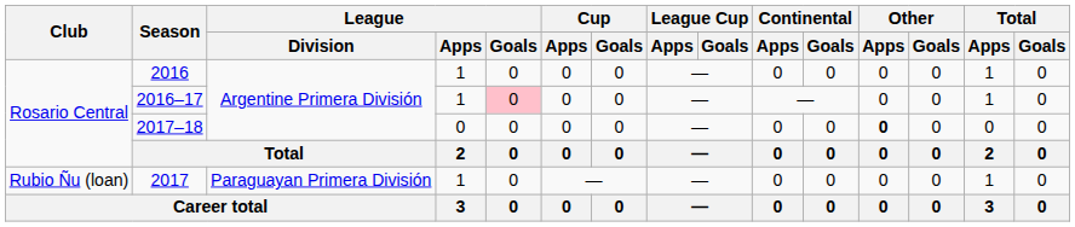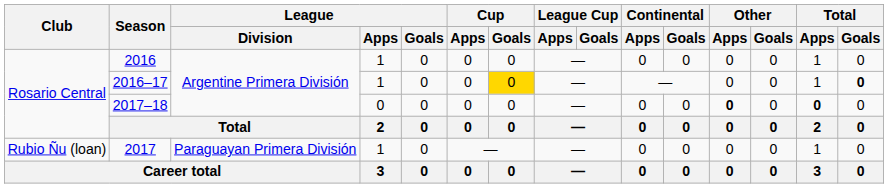 <table class="wikitable" style="text-align:center">
 <tr>
 <th rowspan="2">Club</th>
 <th rowspan="2">Season</th>
 <th colspan="3">League</th>
 <th colspan="2">Cup</th>
 <th colspan="2">League Cup</th>
 <th colspan="2">Continental</th>
 <th colspan="2">Other</th>
 <th colspan="2">Total</th>
 </tr>
 <tr>
 <th>Division</th>
 <th>Apps</th>
 <th>Goals</th>
 <th>Apps</th>
 <th>Goals</th>
 <th>Apps</th>
 <th>Goals</th>
 <th>Apps</th>
 <th>Goals</th>
 <th>Apps</th>
 <th>Goals</th>
 <th>Apps</th>
 <th>Goals</th>
 </tr>
 <tr>
 <td rowspan="4"><a href='#'>Rosario Central</a></td>
 <td><a href='#'>2016</a></td>
 <td rowspan="3"><a href='#'>Argentine Primera División</a></td>
 <td>1</td>
 <td>0</td>
 <td>0</td>
 <td>0</td>
 <td colspan="2">—</td>
 <td>0</td>
 <td>0</td>
 <td>0</td>
 <td>0</td>
 <td>1</td>
 <td>0</td>
 </tr>
 <tr>
 <td><a href='#'>2016–17</a></td>
 <td>1</td>
-<td style="background: pink;">0</td>
 <td>0</td>
 <td>0</td>
+<td style="background: gold;">0</td>
 <td colspan="2">—</td>
 <td colspan="2">—</td>
 <td>0</td>
 <td>0</td>
 <td>1</td>
-<td>0</td>
+<td><strong>0</strong></td>
 </tr>
 <tr>
 <td><a href='#'>2017–18</a></td>
 <td>0</td>
 <td>0</td>
 <td>0</td>
 <td>0</td>
 <td colspan="2">—</td>
 <td>0</td>
 <td>0</td>
 <td><strong>0</strong></td>
 <td>0</td>
-<td>0</td>
+<td><strong>0</strong></td>
 <td>0</td>
 </tr>
 <tr>
 <th colspan="2">Total</th>
 <th>2</th>
 <th>0</th>
 <th>0</th>
 <th>0</th>
 <th colspan="2">—</th>
 <th>0</th>
 <th>0</th>
 <th>0</th>
 <th>0</th>
 <th>2</th>
 <th>0</th>
 </tr>
 <tr>
 <td rowspan="1"><a href='#'>Rubio Ñu</a> (loan)</td>
 <td><a href='#'>2017</a></td>
 <td rowspan="1"><a href='#'>Paraguayan Primera División</a></td>
 <td>1</td>
 <td>0</td>
 <td colspan="2">—</td>
 <td colspan="2">—</td>
 <td>0</td>
 <td>0</td>
 <td>0</td>
 <td>0</td>
 <td>1</td>
 <td>0</td>
 </tr>
 <tr>
 <th colspan="3">Career total</th>
 <th>3</th>
 <th>0</th>
 <th>0</th>
 <th>0</th>
 <th colspan="2">—</th>
 <th>0</th>
 <th>0</th>
 <th>0</th>
 <th>0</th>
 <th>3</th>
 <th>0</th>
 </tr>
 </table>
